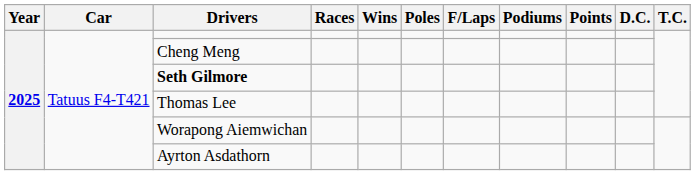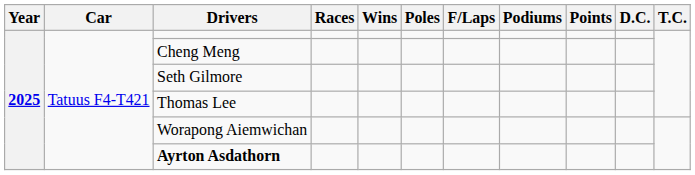 <table class="wikitable" style="font-size:85%">
 <tr>
 <th>Year</th>
 <th>Car</th>
 <th>Drivers</th>
 <th>Races</th>
 <th>Wins</th>
 <th>Poles</th>
 <th>F/Laps</th>
 <th>Podiums</th>
 <th>Points</th>
 <th>D.C.</th>
 <th>T.C.</th>
 </tr>
 <tr>
 <th rowspan="6"><a href='#'>2025</a></th>
 <td rowspan="6"><a href='#'>Tatuus F4-T421</a></td>
 <td> </td>
 <td></td>
 <td></td>
 <td></td>
 <td></td>
 <td></td>
 <td></td>
 <td></td>
 <td rowspan="4"></td>
 </tr>
 <tr>
 <td> Cheng Meng</td>
 <td></td>
 <td></td>
 <td></td>
 <td></td>
 <td></td>
 <td></td>
 <td></td>
 </tr>
 <tr>
-<td><strong> Seth Gilmore</strong></td>
+<td> Seth Gilmore</td>
 <td></td>
 <td></td>
 <td></td>
 <td></td>
 <td></td>
 <td></td>
 <td></td>
 </tr>
 <tr>
 <td> Thomas Lee</td>
 <td></td>
 <td></td>
 <td></td>
 <td></td>
 <td></td>
 <td></td>
 <td></td>
 </tr>
 <tr>
 <td> Worapong Aiemwichan</td>
 <td></td>
 <td></td>
 <td></td>
 <td></td>
 <td></td>
 <td></td>
 <td></td>
 <td rowspan="2"></td>
 </tr>
 <tr>
-<td> Ayrton Asdathorn</td>
+<td><strong> Ayrton Asdathorn</strong></td>
 <td></td>
 <td></td>
 <td></td>
 <td></td>
 <td></td>
 <td></td>
 <td></td>
 </tr>
 </table>
